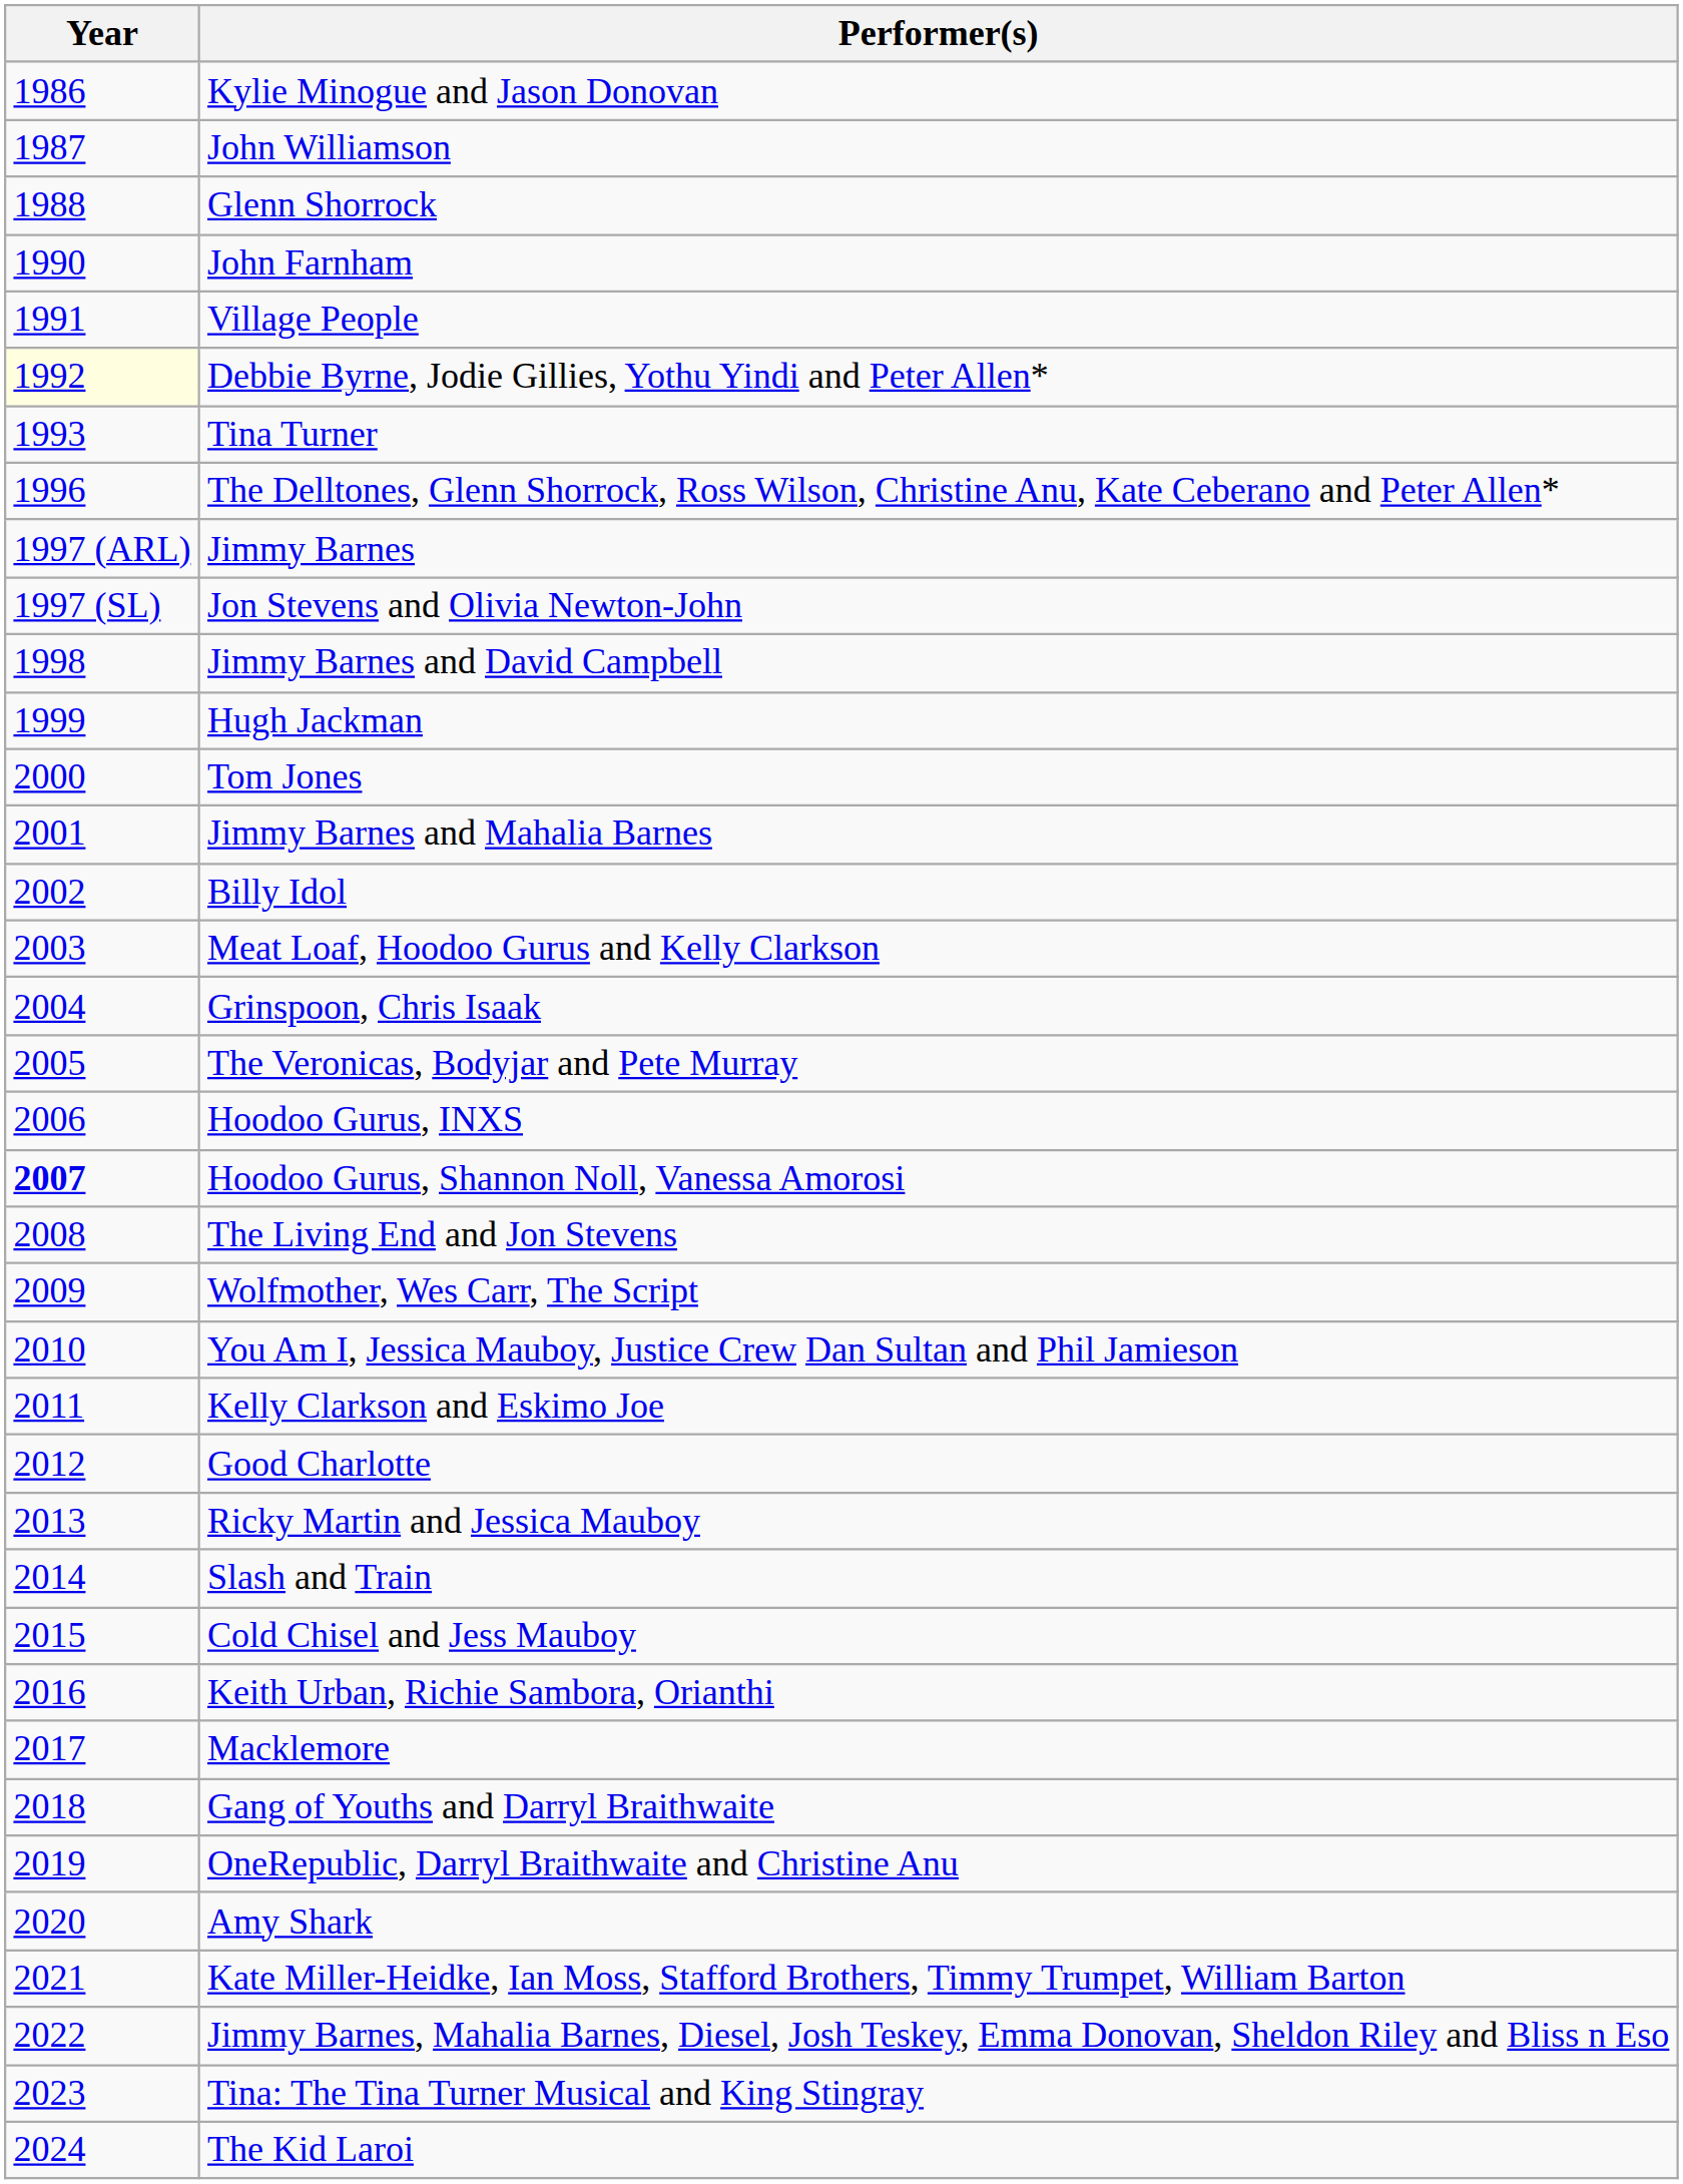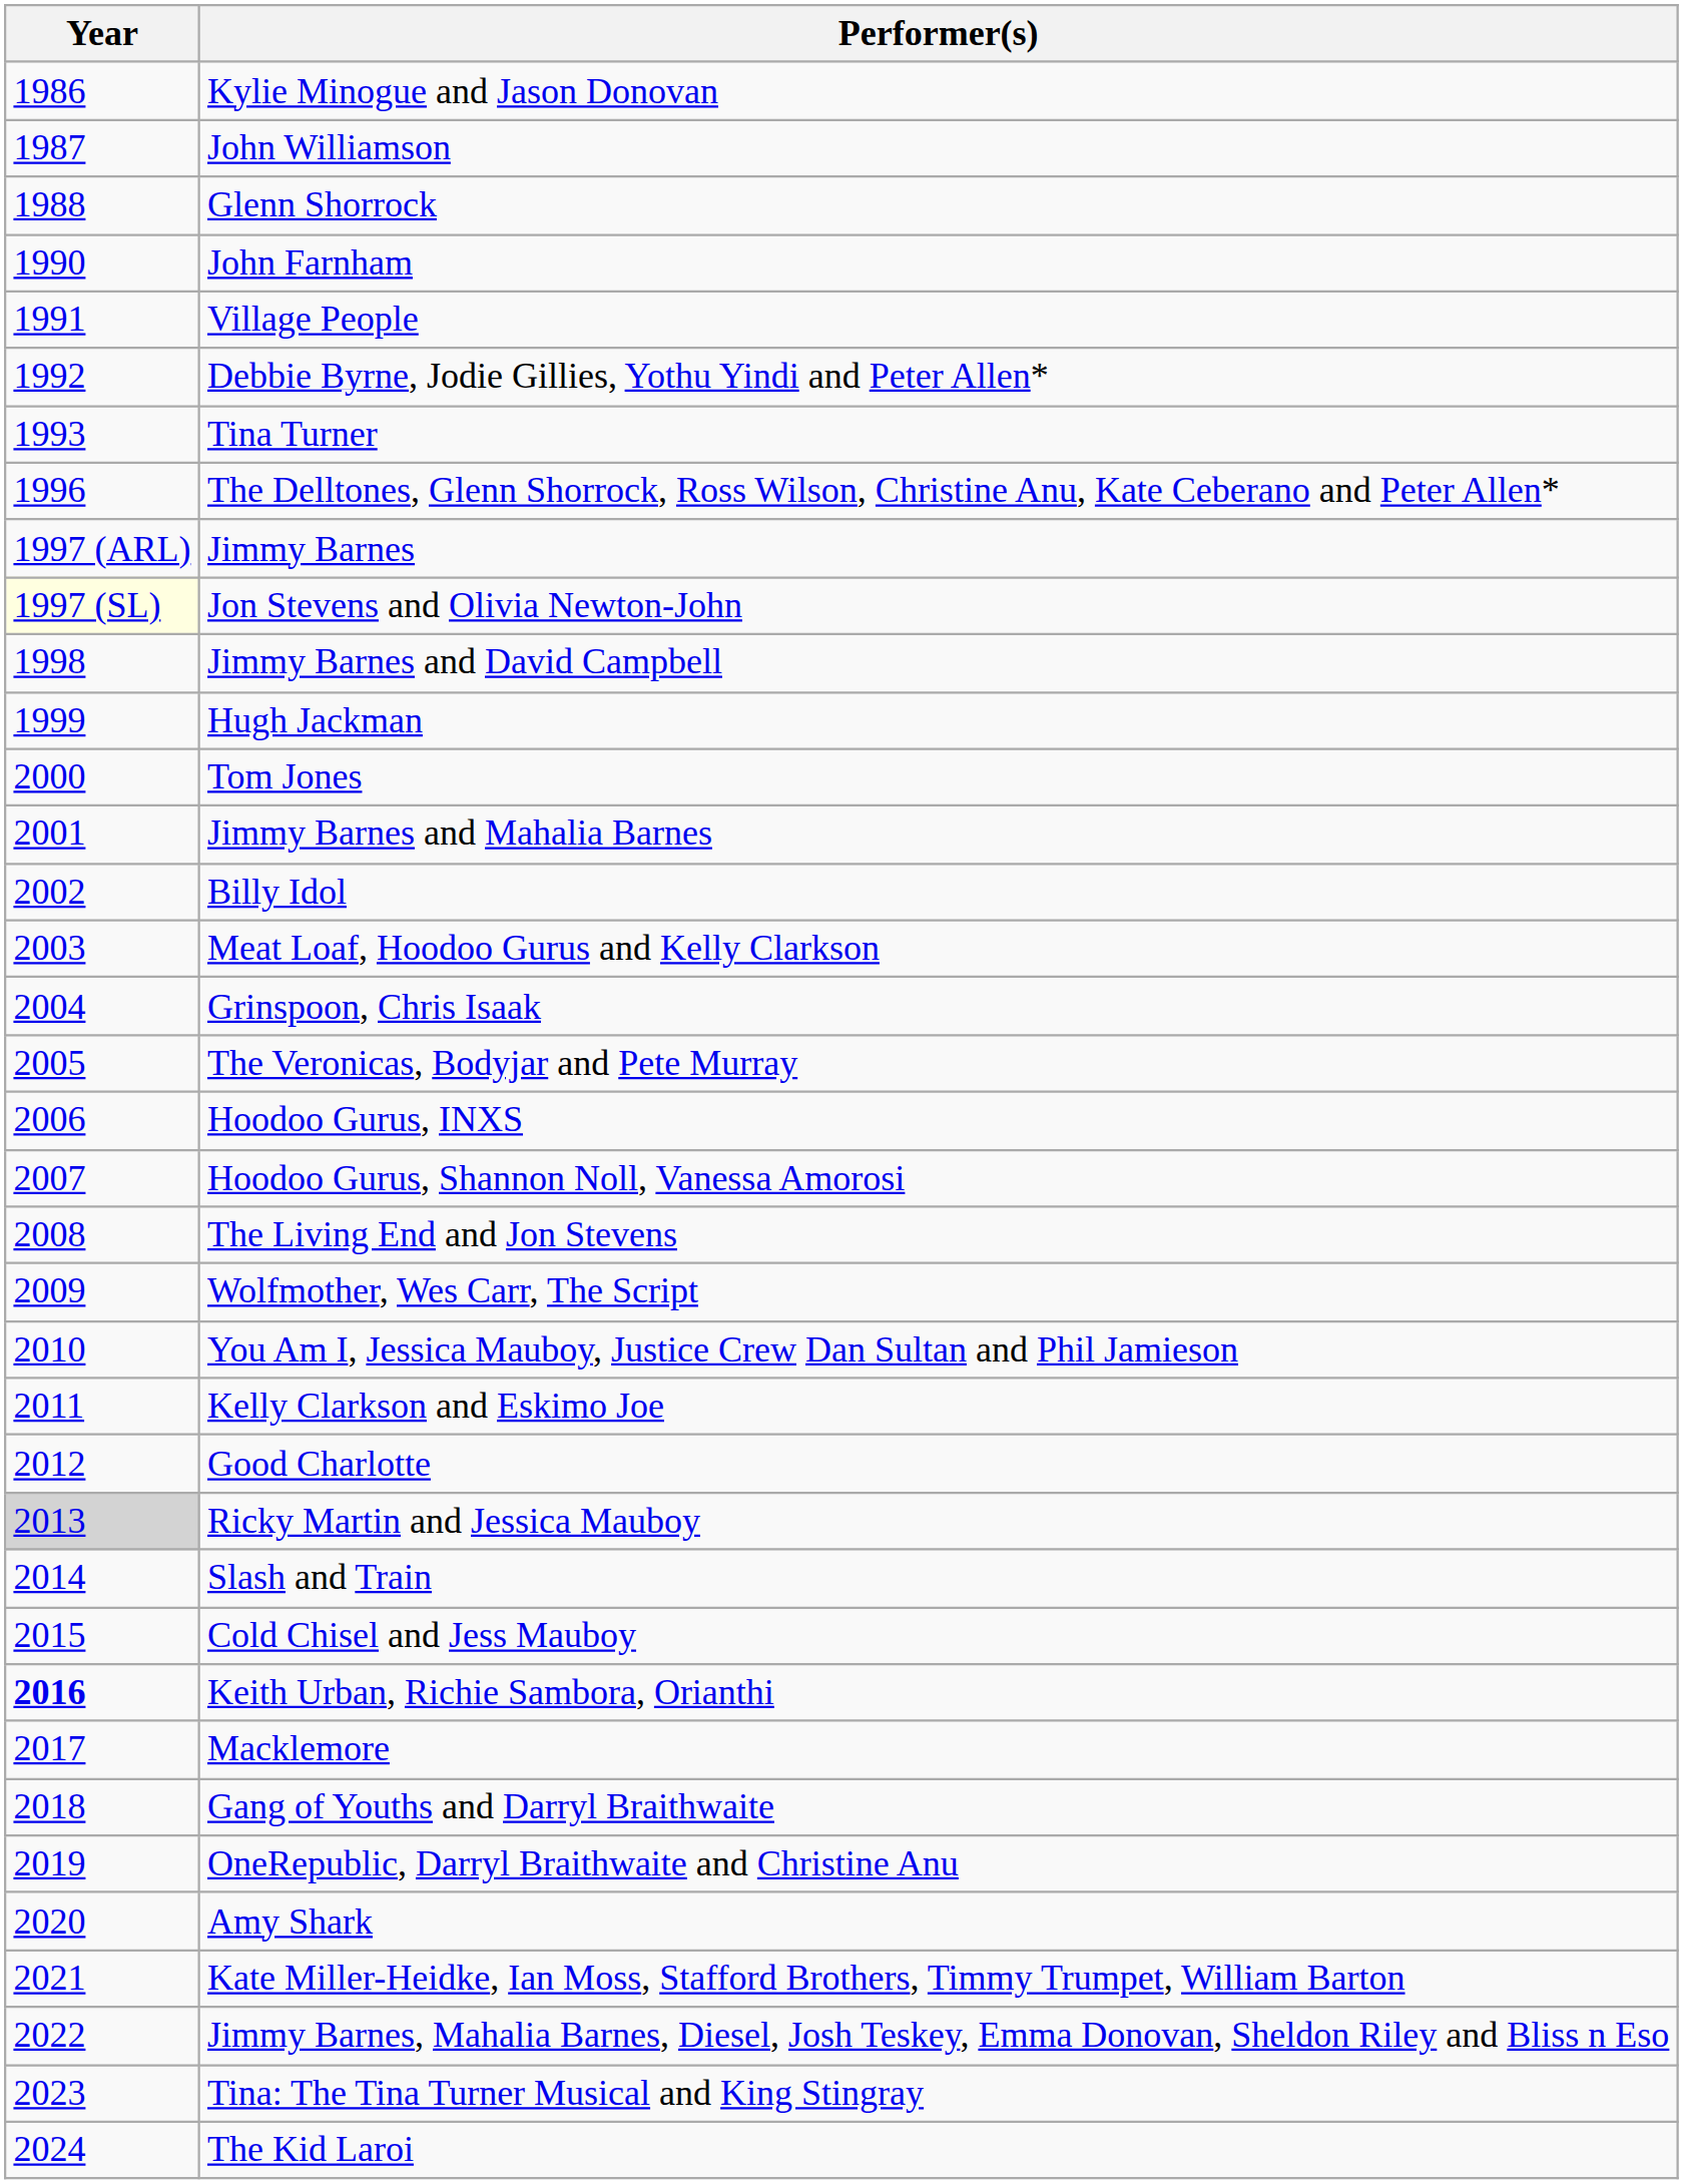 <table class="wikitable">
 <tr>
 <th>Year</th>
 <th>Performer(s)</th>
 </tr>
 <tr>
 <td><a href='#'>1986</a></td>
 <td><a href='#'>Kylie Minogue</a> and <a href='#'>Jason Donovan</a></td>
 </tr>
 <tr>
 <td><a href='#'>1987</a></td>
 <td><a href='#'>John Williamson</a></td>
 </tr>
 <tr>
 <td><a href='#'>1988</a></td>
 <td><a href='#'>Glenn Shorrock</a></td>
 </tr>
 <tr>
 <td><a href='#'>1990</a></td>
 <td><a href='#'>John Farnham</a></td>
 </tr>
 <tr>
 <td><a href='#'>1991</a></td>
 <td><a href='#'>Village People</a></td>
 </tr>
 <tr>
-<td style="background: lightyellow;"><a href='#'>1992</a></td>
+<td><a href='#'>1992</a></td>
 <td><a href='#'>Debbie Byrne</a>, Jodie Gillies, <a href='#'>Yothu Yindi</a> and <a href='#'>Peter Allen</a>*</td>
 </tr>
 <tr>
 <td><a href='#'>1993</a></td>
 <td><a href='#'>Tina Turner</a></td>
 </tr>
 <tr>
 <td><a href='#'>1996</a></td>
 <td><a href='#'>The Delltones</a>, <a href='#'>Glenn Shorrock</a>, <a href='#'>Ross Wilson</a>, <a href='#'>Christine Anu</a>, <a href='#'>Kate Ceberano</a> and <a href='#'>Peter Allen</a>*</td>
 </tr>
 <tr>
 <td><a href='#'>1997 (ARL)</a></td>
 <td><a href='#'>Jimmy Barnes</a></td>
 </tr>
 <tr>
-<td><a href='#'>1997 (SL)</a></td>
+<td style="background: lightyellow;"><a href='#'>1997 (SL)</a></td>
 <td><a href='#'>Jon Stevens</a> and <a href='#'>Olivia Newton-John</a></td>
 </tr>
 <tr>
 <td><a href='#'>1998</a></td>
 <td><a href='#'>Jimmy Barnes</a> and <a href='#'>David Campbell</a></td>
 </tr>
 <tr>
 <td><a href='#'>1999</a></td>
 <td><a href='#'>Hugh Jackman</a></td>
 </tr>
 <tr>
 <td><a href='#'>2000</a></td>
 <td><a href='#'>Tom Jones</a></td>
 </tr>
 <tr>
 <td><a href='#'>2001</a></td>
 <td><a href='#'>Jimmy Barnes</a> and <a href='#'>Mahalia Barnes</a></td>
 </tr>
 <tr>
 <td><a href='#'>2002</a></td>
 <td><a href='#'>Billy Idol</a></td>
 </tr>
 <tr>
 <td><a href='#'>2003</a></td>
 <td><a href='#'>Meat Loaf</a>, <a href='#'>Hoodoo Gurus</a> and <a href='#'>Kelly Clarkson</a></td>
 </tr>
 <tr>
 <td><a href='#'>2004</a></td>
 <td><a href='#'>Grinspoon</a>, <a href='#'>Chris Isaak</a></td>
 </tr>
 <tr>
 <td><a href='#'>2005</a></td>
 <td><a href='#'>The Veronicas</a>, <a href='#'>Bodyjar</a> and <a href='#'>Pete Murray</a></td>
 </tr>
 <tr>
 <td><a href='#'>2006</a></td>
 <td><a href='#'>Hoodoo Gurus</a>, <a href='#'>INXS</a></td>
 </tr>
 <tr>
-<td><strong><a href='#'>2007</a></strong></td>
+<td><a href='#'>2007</a></td>
 <td><a href='#'>Hoodoo Gurus</a>, <a href='#'>Shannon Noll</a>, <a href='#'>Vanessa Amorosi</a></td>
 </tr>
 <tr>
 <td><a href='#'>2008</a></td>
 <td><a href='#'>The Living End</a> and <a href='#'>Jon Stevens</a></td>
 </tr>
 <tr>
 <td><a href='#'>2009</a></td>
 <td><a href='#'>Wolfmother</a>, <a href='#'>Wes Carr</a>, <a href='#'>The Script</a></td>
 </tr>
 <tr>
 <td><a href='#'>2010</a></td>
 <td><a href='#'>You Am I</a>, <a href='#'>Jessica Mauboy</a>, <a href='#'>Justice Crew</a> <a href='#'>Dan Sultan</a> and <a href='#'>Phil Jamieson</a></td>
 </tr>
 <tr>
 <td><a href='#'>2011</a></td>
 <td><a href='#'>Kelly Clarkson</a> and <a href='#'>Eskimo Joe</a></td>
 </tr>
 <tr>
 <td><a href='#'>2012</a></td>
 <td><a href='#'>Good Charlotte</a></td>
 </tr>
 <tr>
-<td><a href='#'>2013</a></td>
+<td style="background: lightgrey;"><a href='#'>2013</a></td>
 <td><a href='#'>Ricky Martin</a> and <a href='#'>Jessica Mauboy</a></td>
 </tr>
 <tr>
 <td><a href='#'>2014</a></td>
 <td><a href='#'>Slash</a> and <a href='#'>Train</a></td>
 </tr>
 <tr>
 <td><a href='#'>2015</a></td>
 <td><a href='#'>Cold Chisel</a> and <a href='#'>Jess Mauboy</a></td>
 </tr>
 <tr>
-<td><a href='#'>2016</a></td>
+<td><strong><a href='#'>2016</a></strong></td>
 <td><a href='#'>Keith Urban</a>, <a href='#'>Richie Sambora</a>, <a href='#'>Orianthi</a></td>
 </tr>
 <tr>
 <td><a href='#'>2017</a></td>
 <td><a href='#'>Macklemore</a></td>
 </tr>
 <tr>
 <td><a href='#'>2018</a></td>
 <td><a href='#'>Gang of Youths</a> and <a href='#'>Darryl Braithwaite</a></td>
 </tr>
 <tr>
 <td><a href='#'>2019</a></td>
 <td><a href='#'>OneRepublic</a>, <a href='#'>Darryl Braithwaite</a> and <a href='#'>Christine Anu</a></td>
 </tr>
 <tr>
 <td><a href='#'>2020</a></td>
 <td><a href='#'>Amy Shark</a></td>
 </tr>
 <tr>
 <td><a href='#'>2021</a></td>
 <td><a href='#'>Kate Miller-Heidke</a>, <a href='#'>Ian Moss</a>, <a href='#'>Stafford Brothers</a>, <a href='#'>Timmy Trumpet</a>, <a href='#'>William Barton</a></td>
 </tr>
 <tr>
 <td><a href='#'>2022</a></td>
 <td><a href='#'>Jimmy Barnes</a>, <a href='#'>Mahalia Barnes</a>, <a href='#'>Diesel</a>, <a href='#'>Josh Teskey</a>, <a href='#'>Emma Donovan</a>, <a href='#'>Sheldon Riley</a> and <a href='#'>Bliss n Eso</a></td>
 </tr>
 <tr>
 <td><a href='#'>2023</a></td>
 <td><a href='#'>Tina: The Tina Turner Musical</a> and <a href='#'>King Stingray</a></td>
 </tr>
 <tr>
 <td><a href='#'>2024</a></td>
 <td><a href='#'>The Kid Laroi</a></td>
 </tr>
 </table>
